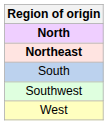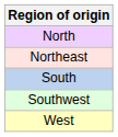 <table class="wikitable">
 <tr>
 <th>Region of origin</th>
 </tr>
 <tr align="center">
-<td style="background:#efcfff"><strong>North</strong></td>
+<td style="background:#efcfff">North</td>
 </tr>
 <tr align="center">
-<td bgcolor=#FFE4E1><strong>Northeast</strong></td>
+<td bgcolor=#FFE4E1>Northeast</td>
 </tr>
 <tr align="center">
 <td bgcolor=#BCD2EE>South</td>
 </tr>
 <tr align="center">
 <td style="background:#dfffdf">Southwest</td>
 </tr>
 <tr align="center">
 <td style="background:#ffffbf">West</td>
 </tr>
 </table>
